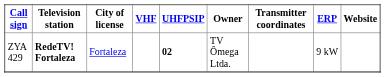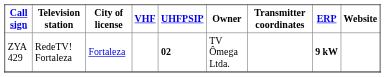 <table border = " 2 " cellpadding = " 4 " cellspacing = " 0 " style = " margin: 1em 1em 1em 0 ; border: 1px solid # aaa ; border-collapse : collapse ; font-size : 60 % ; ">
 <tr>
 <th><a href='#'>Call sign</a></th>
 <th>Television station</th>
 <th>City of license</th>
 <th><a href='#'>VHF</a></th>
 <th><a href='#'>UHF</a><a href='#'>PSIP</a></th>
 <th>Owner</th>
 <th>Transmitter coordinates</th>
 <th><a href='#'>ERP</a></th>
 <th>Website</th>
 </tr>
 <tr>
 <td>ZYA 429</td>
-<td><strong>RedeTV! Fortaleza</strong></td>
+<td>RedeTV! Fortaleza</td>
 <td><a href='#'>Fortaleza</a></td>
 <td></td>
 <td><strong>02</strong></td>
 <td>TV Ômega Ltda.</td>
 <td></td>
-<td>9 kW</td>
+<td><strong>9 kW</strong></td>
 <td></td>
 </tr>
 <tr>
 </tr>
 </table>
